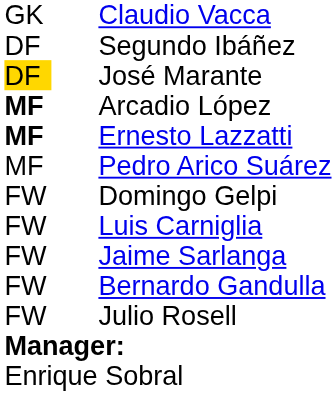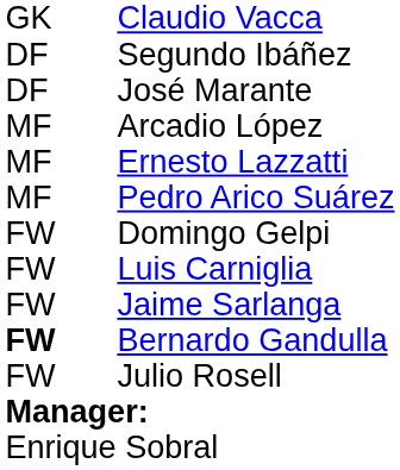 <table style="font-size:90%; margin:0.2em auto;" cellspacing="0" cellpadding="0">
 <tr>
 <th width="25"></th>
 <th width="25"></th>
 </tr>
 <tr>
 <td>GK</td>
 <td></td>
 <td> <a href='#'>Claudio Vacca</a></td>
 </tr>
 <tr>
 <td>DF</td>
 <td></td>
 <td> Segundo Ibáñez</td>
 </tr>
 <tr>
-<td style="background: gold;">DF</td>
+<td>DF</td>
 <td></td>
 <td> José Marante</td>
 </tr>
 <tr>
-<td><strong>MF</strong></td>
+<td>MF</td>
 <td></td>
 <td> Arcadio López</td>
 </tr>
 <tr>
-<td><strong>MF</strong></td>
+<td>MF</td>
 <td></td>
 <td> <a href='#'>Ernesto Lazzatti</a></td>
 </tr>
 <tr>
 <td>MF</td>
 <td></td>
 <td> <a href='#'>Pedro Arico Suárez</a></td>
 </tr>
 <tr>
 <td>FW</td>
 <td></td>
 <td> Domingo Gelpi</td>
 </tr>
 <tr>
 <td>FW</td>
 <td></td>
 <td> <a href='#'>Luis Carniglia</a></td>
 </tr>
 <tr>
 <td>FW</td>
 <td></td>
 <td> <a href='#'>Jaime Sarlanga</a></td>
 </tr>
 <tr>
-<td>FW</td>
+<td><strong>FW</strong></td>
 <td></td>
 <td> <a href='#'>Bernardo Gandulla</a></td>
 </tr>
 <tr>
 <td>FW</td>
 <td></td>
 <td> Julio Rosell</td>
 </tr>
 <tr>
 <td colspan=3><strong>Manager:</strong></td>
 </tr>
 <tr>
 <td colspan=4> Enrique Sobral</td>
 </tr>
 </table>
